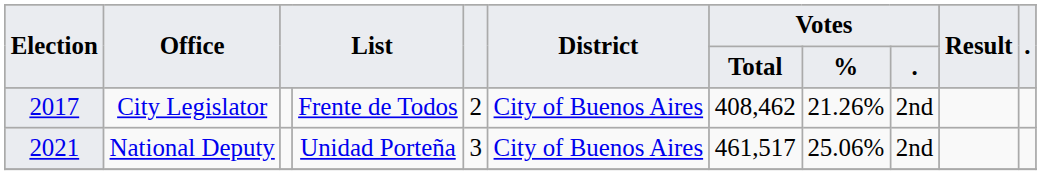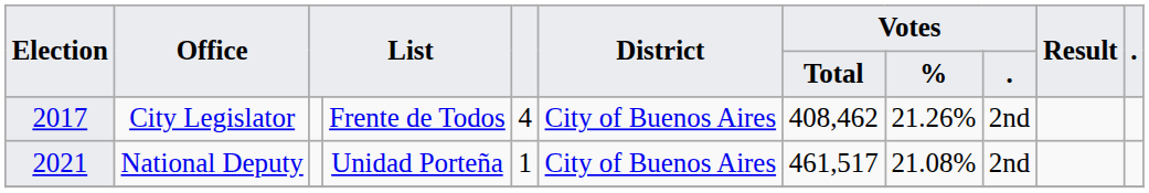 <table class="wikitable" style="font-size:90%; text-align:center;">
 <tr>
 <th style="background-color:#EAECF0;" rowspan=2>Election</th>
 <th style="background-color:#EAECF0;" rowspan=2>Office</th>
 <th style="background-color:#EAECF0;" colspan=2 rowspan=2>List</th>
 <th style="background-color:#EAECF0;" rowspan=2></th>
 <th style="background-color:#EAECF0;" rowspan=2>District</th>
 <th style="background-color:#EAECF0;" colspan=3>Votes</th>
 <th style="background-color:#EAECF0;" rowspan=2>Result</th>
 <th style="background-color:#EAECF0;" rowspan=2>.</th>
 </tr>
 <tr>
 <th style="background-color:#EAECF0;">Total</th>
 <th style="background-color:#EAECF0;">%</th>
 <th style="background-color:#EAECF0;">.</th>
 </tr>
 <tr>
 <td style="background-color:#EAECF0;"><a href='#'>2017</a></td>
 <td><a href='#'>City Legislator</a></td>
 <td style="background-color:"></td>
 <td><a href='#'>Frente de Todos</a></td>
-<td>2</td>
+<td>4</td>
 <td><a href='#'>City of Buenos Aires</a></td>
 <td>408,462</td>
 <td>21.26%</td>
 <td>2nd</td>
 <td></td>
 <td></td>
 </tr>
 <tr>
 <td style="background-color:#EAECF0;"><a href='#'>2021</a></td>
 <td><a href='#'>National Deputy</a></td>
 <td style="background-color:"></td>
 <td><a href='#'>Unidad Porteña</a></td>
-<td>3</td>
+<td>1</td>
 <td><a href='#'>City of Buenos Aires</a></td>
 <td>461,517</td>
-<td>25.06%</td>
+<td>21.08%</td>
 <td>2nd</td>
 <td></td>
 <td></td>
 </tr>
 <tr>
 </tr>
 </table>
